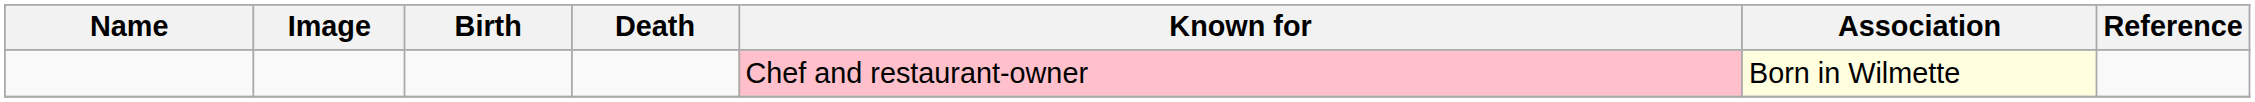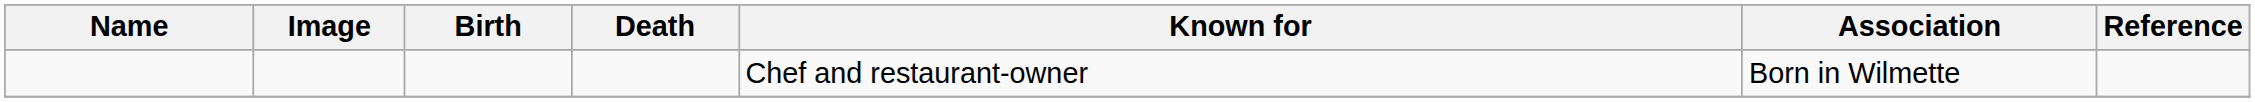 <table class="wikitable sortable">
 <tr>
 <th scope="col" width="140">Name</th>
 <th scope="col" width="80" class="unsortable">Image</th>
 <th scope="col" width="90">Birth</th>
 <th scope="col" width="90">Death</th>
 <th scope="col" width="600" class="unsortable">Known for</th>
 <th scope="col" width="200" class="unsortable">Association</th>
 <th scope="col" width="30" class="unsortable">Reference</th>
 </tr>
 <tr>
 <td></td>
 <td></td>
 <td align=right></td>
 <td align=right></td>
-<td style="background: pink;">Chef and restaurant-owner</td>
-<td style="background: lightyellow;">Born in Wilmette</td>
+<td>Chef and restaurant-owner</td>
+<td>Born in Wilmette</td>
 <td align="center"></td>
 </tr>
 <tr>
 </tr>
 </table>
